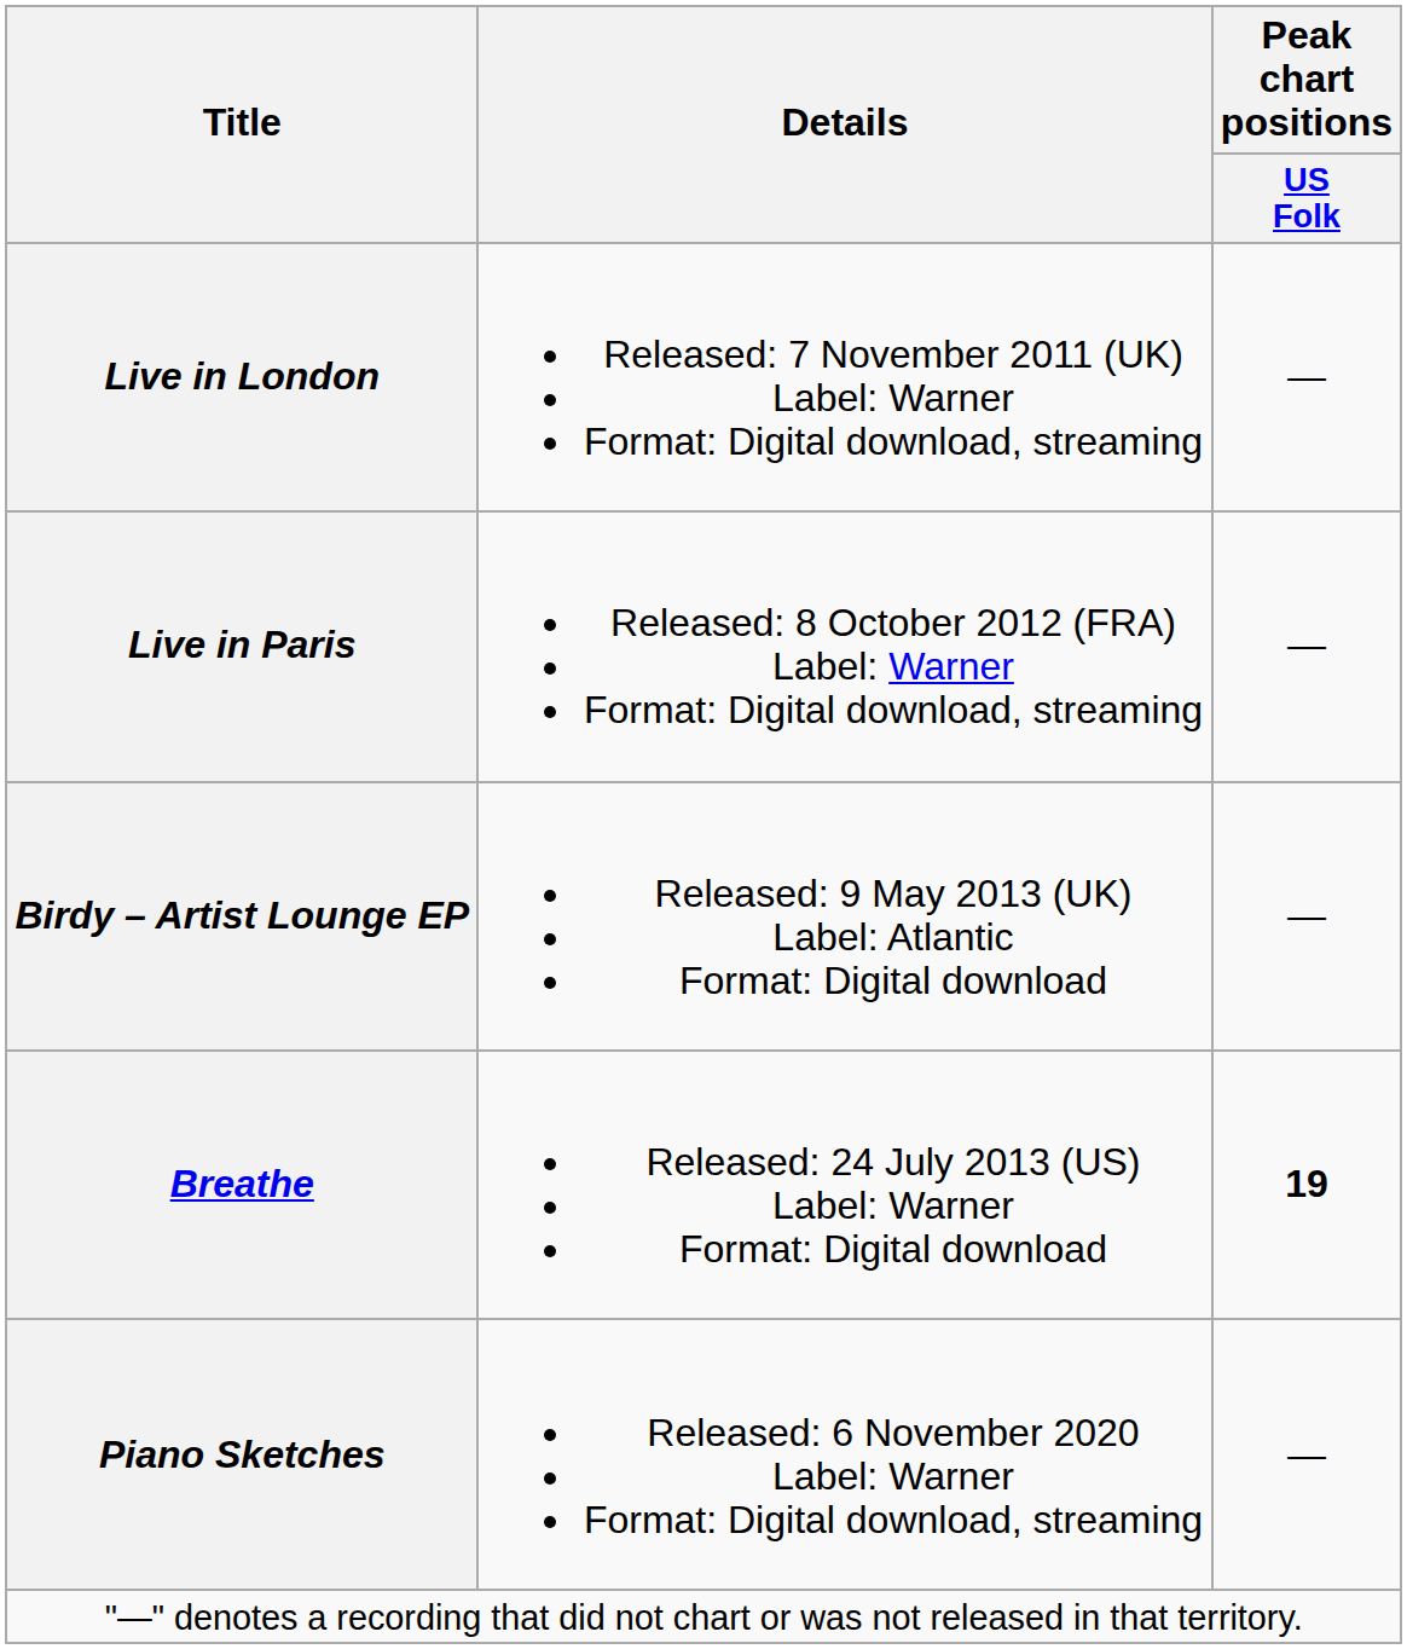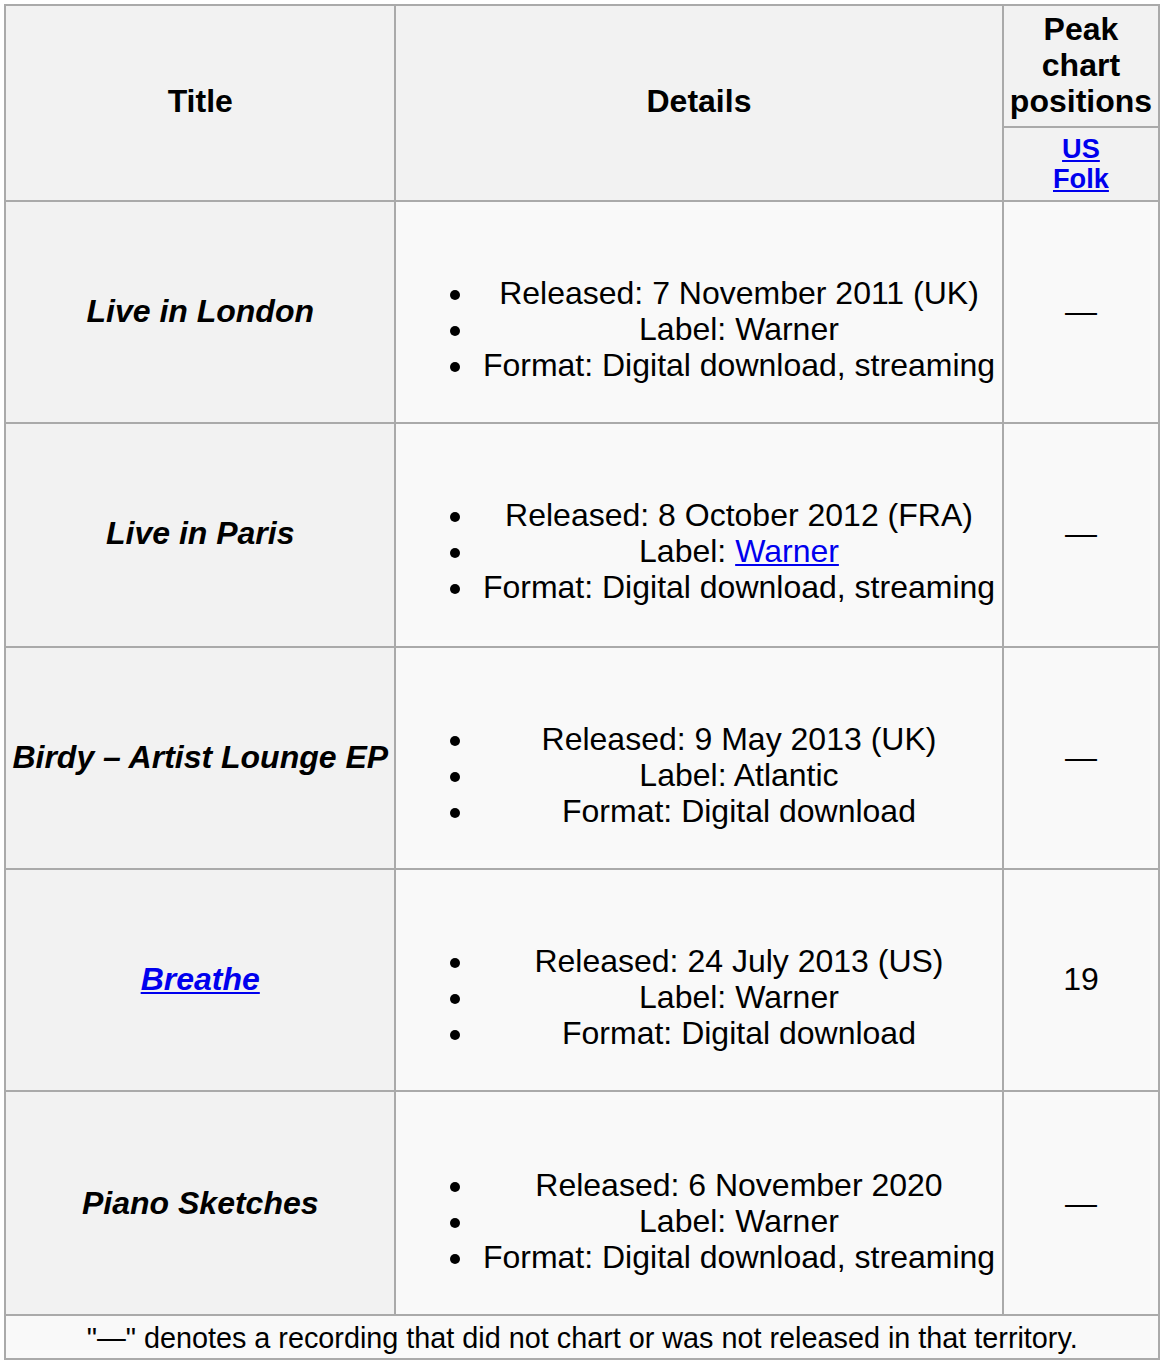 <table class="wikitable plainrowheaders" style="text-align:center;" border="1">
 <tr>
 <th scope="col" rowspan="2">Title</th>
 <th scope="col" rowspan="2">Details</th>
 <th scope="col" colspan="1">Peak chart positions</th>
 </tr>
 <tr>
 <th scope="col" style="width:3em;font-size:85%;"><a href='#'>US<br>Folk</a><br></th>
 </tr>
 <tr>
 <th scope="row"><em>Live in London</em></th>
 <td><br><ul><li>Released: 7 November 2011 <span>(UK)</span></li><li>Label: Warner</li><li>Format: Digital download, streaming</li></ul></td>
 <td>—</td>
 </tr>
 <tr>
 <th scope="row"><em>Live in Paris</em></th>
 <td><br><ul><li>Released: 8 October 2012 <span>(FRA)</span></li><li>Label: <a href='#'>Warner</a></li><li>Format: Digital download, streaming</li></ul></td>
 <td>—</td>
 </tr>
 <tr>
 <th scope="row"><em>Birdy – Artist Lounge EP</em></th>
 <td><br><ul><li>Released: 9 May 2013 <span>(UK)</span></li><li>Label: Atlantic</li><li>Format: Digital download</li></ul></td>
 <td>—</td>
 </tr>
 <tr>
 <th scope="row"><em><a href='#'>Breathe</a></em></th>
 <td><br><ul><li>Released: 24 July 2013 <span>(US)</span></li><li>Label: Warner</li><li>Format: Digital download</li></ul></td>
-<td><strong>19</strong></td>
+<td>19</td>
 </tr>
 <tr>
 <th scope="row"><em>Piano Sketches</em></th>
 <td><br><ul><li>Released: 6 November 2020</li><li>Label: Warner</li><li>Format: Digital download, streaming</li></ul></td>
 <td>—</td>
 </tr>
 <tr>
 <td colspan="7" style="font-size:90%;">"—" denotes a recording that did not chart or was not released in that territory.</td>
 </tr>
 </table>
